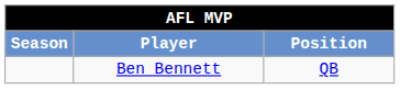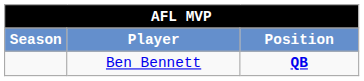 <table class="wikitable sortable" style="text-align:center">
 <tr>
 <td colspan="4" style="background:black; color:white;"><strong>AFL MVP</strong></td>
 </tr>
 <tr>
 <th style="width:50px; background:#648fcc; color:white;">Season</th>
 <th style="width:150px; background:#648fcc; color:white;">Player</th>
 <th style="width:100px; background:#648fcc; color:white;">Position</th>
 </tr>
 <tr>
 <td></td>
 <td><a href='#'>Ben Bennett</a></td>
-<td><a href='#'>QB</a></td>
+<td><strong><a href='#'>QB</a></strong></td>
 </tr>
 </table>
